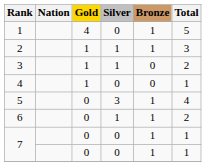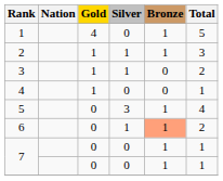 <table class="wikitable sortable" style="text-align:center">
 <tr>
 <th>Rank</th>
 <th>Nation</th>
 <th style="background-color:gold">Gold</th>
 <th style="background-color:silver">Silver</th>
 <th style="background-color:#cc9966">Bronze</th>
 <th>Total</th>
 </tr>
 <tr>
 <td>1</td>
 <td align=left></td>
 <td>4</td>
 <td>0</td>
 <td>1</td>
 <td>5</td>
 </tr>
 <tr>
 <td>2</td>
 <td align=left></td>
 <td>1</td>
 <td>1</td>
 <td>1</td>
 <td>3</td>
 </tr>
 <tr>
 <td>3</td>
 <td align=left></td>
 <td>1</td>
 <td>1</td>
 <td>0</td>
 <td>2</td>
 </tr>
 <tr>
 <td>4</td>
 <td align=left></td>
 <td>1</td>
 <td>0</td>
 <td>0</td>
 <td>1</td>
 </tr>
 <tr>
 <td>5</td>
 <td align=left></td>
 <td>0</td>
 <td>3</td>
 <td>1</td>
 <td>4</td>
 </tr>
 <tr>
 <td>6</td>
 <td align=left></td>
 <td>0</td>
 <td>1</td>
-<td>1</td>
+<td style="background: lightsalmon;">1</td>
 <td>2</td>
 </tr>
 <tr>
 <td rowspan=2>7</td>
 <td align=left></td>
 <td>0</td>
 <td>0</td>
 <td>1</td>
 <td>1</td>
 </tr>
 <tr>
 <td align=left></td>
 <td>0</td>
 <td>0</td>
 <td>1</td>
 <td>1</td>
 </tr>
 <tr>
 </tr>
 </table>
